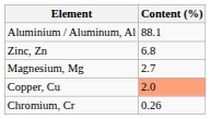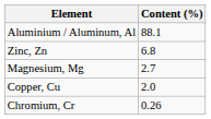 <table class="wikitable">
 <tr>
 <th>Element</th>
 <th>Content (%)</th>
 </tr>
 <tr>
 <td>Aluminium / Aluminum, Al</td>
 <td>88.1</td>
 </tr>
 <tr>
 <td>Zinc, Zn</td>
 <td>6.8</td>
 </tr>
 <tr>
 <td>Magnesium, Mg</td>
 <td>2.7</td>
 </tr>
 <tr>
 <td>Copper, Cu</td>
-<td style="background: lightsalmon;">2.0</td>
+<td>2.0</td>
 </tr>
 <tr>
 <td>Chromium, Cr</td>
 <td>0.26</td>
 </tr>
 </table>
